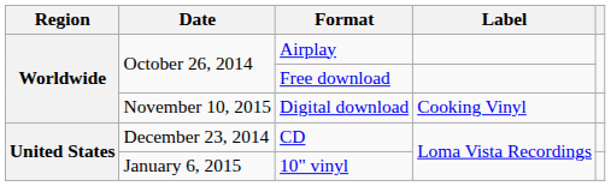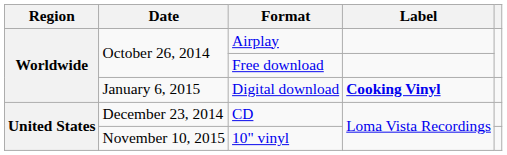 <table class="wikitable plainrowheaders">
 <tr>
 <th scope="col">Region</th>
 <th scope="col">Date</th>
 <th scope="col">Format</th>
 <th scope="col">Label</th>
 <th scope="col"></th>
 </tr>
 <tr>
 <th scope="row" rowspan="3">Worldwide</th>
 <td rowspan="2">October 26, 2014</td>
 <td><a href='#'>Airplay</a></td>
 <td></td>
 <td rowspan="2" align="center"></td>
 </tr>
 <tr>
 <td><a href='#'>Free download</a></td>
 <td></td>
 </tr>
 <tr>
-<td>November 10, 2015</td>
+<td>January 6, 2015</td>
 <td><a href='#'>Digital download</a></td>
-<td><a href='#'>Cooking Vinyl</a></td>
+<td><strong><a href='#'>Cooking Vinyl</a></strong></td>
 <td align="center"></td>
 </tr>
 <tr>
 <th scope="row" rowspan="2">United States</th>
 <td>December 23, 2014</td>
 <td><a href='#'>CD</a></td>
 <td rowspan="2"><a href='#'>Loma Vista Recordings</a></td>
 <td align="center"></td>
 </tr>
 <tr>
-<td>January 6, 2015</td>
+<td>November 10, 2015</td>
 <td><a href='#'>10" vinyl</a></td>
 <td align="center"></td>
 </tr>
 </table>
